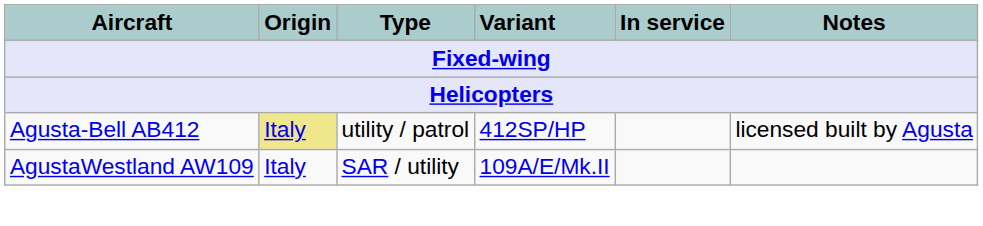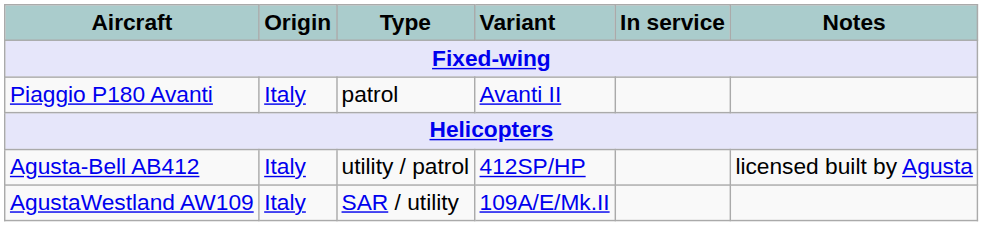 <table class="wikitable">
 <tr>
 <th style="text-align:center; background:#acc;">Aircraft</th>
 <th style="text-align: center; background:#acc;">Origin</th>
 <th style="text-align:l center; background:#acc;">Type</th>
 <th style="text-align:left; background:#acc;">Variant</th>
 <th style="text-align:center; background:#acc;">In service</th>
 <th style="text-align: center; background:#acc;">Notes</th>
 </tr>
 <tr>
 <th style="align: center; background: lavender;" colspan="6"><a href='#'>Fixed-wing</a></th>
 </tr>
 <tr>
+<td><a href='#'>Piaggio P180 Avanti</a></td>
+<td><a href='#'>Italy</a></td>
+<td>patrol</td>
+<td><a href='#'>Avanti II</a></td>
+<td></td>
+<td></td>
+</tr>
+<tr>
 <th style="align: center; background: lavender;" colspan="6"><a href='#'>Helicopters</a></th>
 </tr>
 <tr>
 <td><a href='#'>Agusta-Bell AB412</a></td>
-<td style="background: khaki;"><a href='#'>Italy</a></td>
+<td><a href='#'>Italy</a></td>
 <td>utility / patrol</td>
 <td><a href='#'>412SP/HP</a></td>
 <td></td>
 <td>licensed built by <a href='#'>Agusta</a></td>
 </tr>
 <tr>
 <td><a href='#'>AgustaWestland AW109</a></td>
 <td><a href='#'>Italy</a></td>
 <td><a href='#'>SAR</a> / utility</td>
 <td><a href='#'>109A/E/Mk.II</a></td>
 <td></td>
 <td></td>
 </tr>
 </table>
